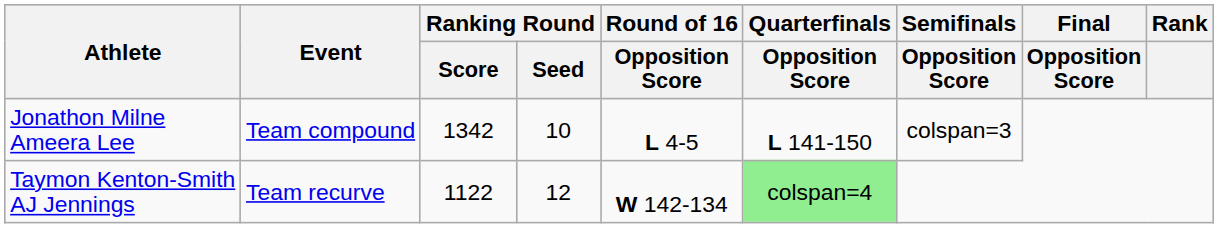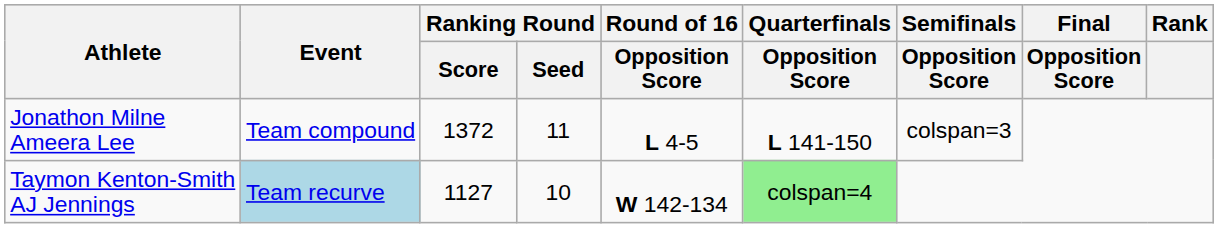 <table class="wikitable" style="text-align: center; font-size:90%">
 <tr>
 <th rowspan="2">Athlete</th>
 <th rowspan="2">Event</th>
 <th colspan="2">Ranking Round</th>
 <th>Round of 16</th>
 <th>Quarterfinals</th>
 <th>Semifinals</th>
 <th>Final</th>
 <th>Rank</th>
 </tr>
 <tr style="font-size:95%">
 <th>Score</th>
 <th>Seed</th>
 <th>Opposition<br>Score</th>
 <th>Opposition<br>Score</th>
 <th>Opposition<br>Score</th>
 <th>Opposition<br>Score</th>
 <th></th>
 </tr>
 <tr>
 <td align=left><a href='#'>Jonathon Milne</a> <br> <a href='#'>Ameera Lee</a></td>
 <td align=left><a href='#'>Team compound</a></td>
-<td>1342</td>
-<td>10</td>
+<td>1372</td>
+<td>11</td>
 <td><br><strong>L</strong> 4-5</td>
 <td><br><strong>L</strong> 141-150</td>
 <td>colspan=3 </td>
 </tr>
 <tr>
 <td align=left><a href='#'>Taymon Kenton-Smith</a> <br> <a href='#'>AJ Jennings</a></td>
-<td align=left><a href='#'>Team recurve</a></td>
-<td>1122</td>
-<td>12</td>
+<td align=left style="background: lightblue;"><a href='#'>Team recurve</a></td>
+<td>1127</td>
+<td>10</td>
 <td><br><strong>W</strong> 142-134</td>
 <td style="background: lightgreen;">colspan=4 </td>
 </tr>
 </table>
